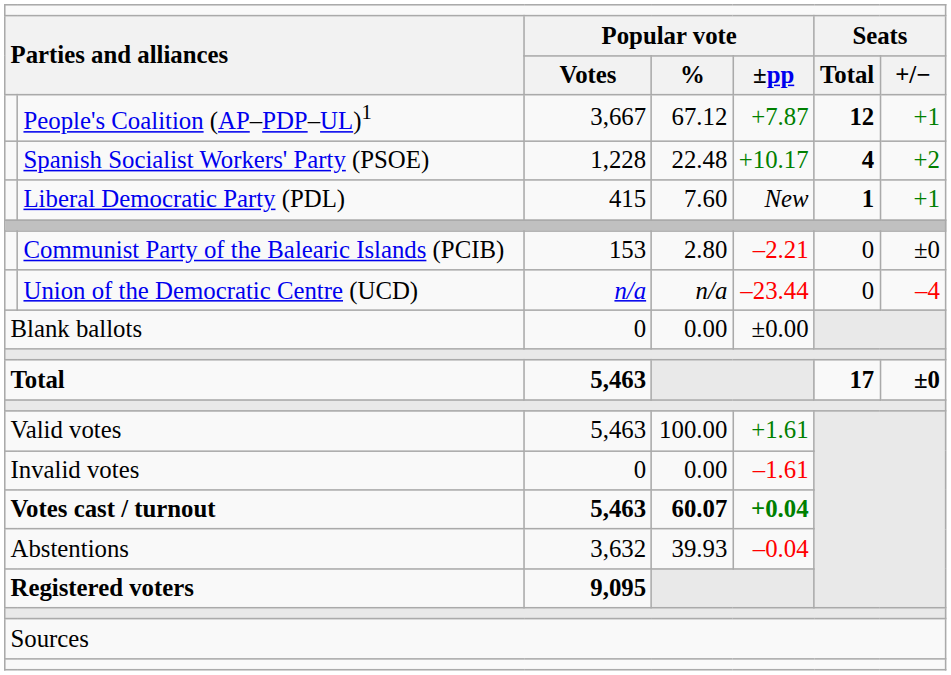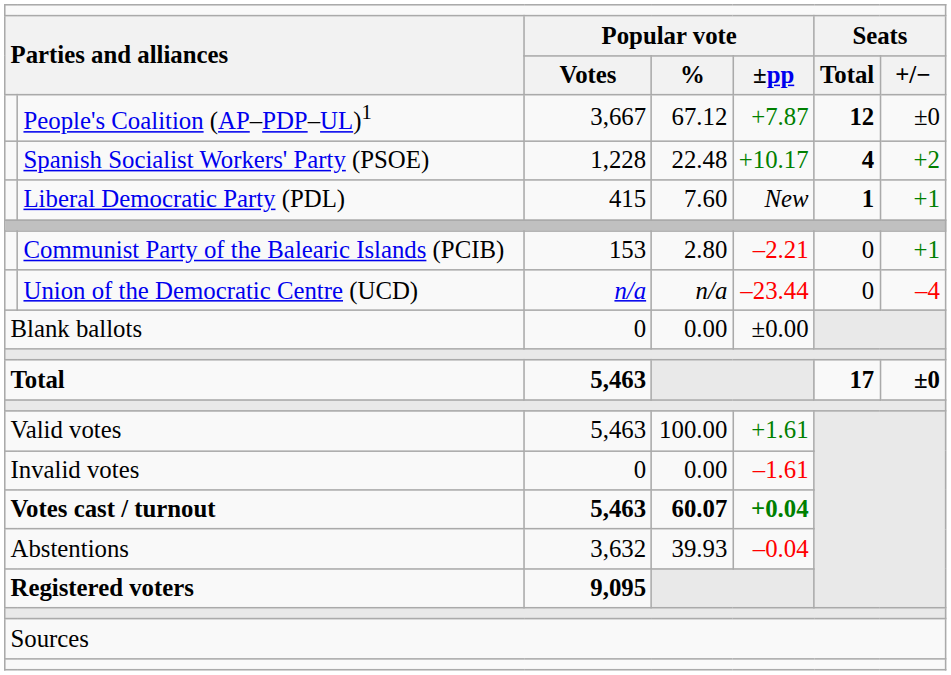 <table class="wikitable" style="text-align:right;">
 <tr>
 <td colspan="7"></td>
 </tr>
 <tr>
 <th style="text-align:left;" rowspan="2" colspan="2" width="525">Parties and alliances</th>
 <th colspan="3">Popular vote</th>
 <th colspan="2">Seats</th>
 </tr>
 <tr>
 <th width="75">Votes</th>
 <th width="45">%</th>
 <th width="45">±<a href='#'>pp</a></th>
 <th width="35">Total</th>
 <th width="35">+/−</th>
 </tr>
 <tr>
 <td width="1" style="color:inherit;background:"></td>
 <td align="left"><a href='#'>People's Coalition</a> (<a href='#'>AP</a>–<a href='#'>PDP</a>–<a href='#'>UL</a>)<sup>1</sup></td>
 <td>3,667</td>
 <td>67.12</td>
 <td style="color:green;">+7.87</td>
 <td><strong>12</strong></td>
-<td style="color:green;">+1</td>
+<td>±0</td>
 </tr>
 <tr>
 <td style="color:inherit;background:"></td>
 <td align="left"><a href='#'>Spanish Socialist Workers' Party</a> (PSOE)</td>
 <td>1,228</td>
 <td>22.48</td>
 <td style="color:green;">+10.17</td>
 <td><strong>4</strong></td>
 <td style="color:green;">+2</td>
 </tr>
 <tr>
 <td style="color:inherit;background:"></td>
 <td align="left"><a href='#'>Liberal Democratic Party</a> (PDL)</td>
 <td>415</td>
 <td>7.60</td>
 <td><em>New</em></td>
 <td><strong>1</strong></td>
 <td style="color:green;">+1</td>
 </tr>
 <tr>
 <td colspan="7" bgcolor="#C0C0C0"></td>
 </tr>
 <tr>
 <td style="color:inherit;background:"></td>
 <td align="left"><a href='#'>Communist Party of the Balearic Islands</a> (PCIB)</td>
 <td>153</td>
 <td>2.80</td>
 <td style="color:red;">–2.21</td>
 <td>0</td>
-<td>±0</td>
+<td style="color:green;">+1</td>
 </tr>
 <tr>
 <td style="color:inherit;background:"></td>
 <td align="left"><a href='#'>Union of the Democratic Centre</a> (UCD)</td>
 <td><em><a href='#'>n/a</a></em></td>
 <td><em>n/a</em></td>
 <td style="color:red;">–23.44</td>
 <td>0</td>
 <td style="color:red;">–4</td>
 </tr>
 <tr>
 <td align="left" colspan="2">Blank ballots</td>
 <td>0</td>
 <td>0.00</td>
 <td>±0.00</td>
 <td bgcolor="#E9E9E9" colspan="2"></td>
 </tr>
 <tr>
 <td colspan="7" bgcolor="#E9E9E9"></td>
 </tr>
 <tr style="font-weight:bold;">
 <td align="left" colspan="2">Total</td>
 <td>5,463</td>
 <td bgcolor="#E9E9E9" colspan="2"></td>
 <td>17</td>
 <td>±0</td>
 </tr>
 <tr>
 <td colspan="7" bgcolor="#E9E9E9"></td>
 </tr>
 <tr>
 <td align="left" colspan="2">Valid votes</td>
 <td>5,463</td>
 <td>100.00</td>
 <td style="color:green;">+1.61</td>
 <td bgcolor="#E9E9E9" colspan="2" rowspan="5"></td>
 </tr>
 <tr>
 <td align="left" colspan="2">Invalid votes</td>
 <td>0</td>
 <td>0.00</td>
 <td style="color:red;">–1.61</td>
 </tr>
 <tr style="font-weight:bold;">
 <td align="left" colspan="2">Votes cast / turnout</td>
 <td>5,463</td>
 <td>60.07</td>
 <td style="color:green;">+0.04</td>
 </tr>
 <tr>
 <td align="left" colspan="2">Abstentions</td>
 <td>3,632</td>
 <td>39.93</td>
 <td style="color:red;">–0.04</td>
 </tr>
 <tr style="font-weight:bold;">
 <td align="left" colspan="2">Registered voters</td>
 <td>9,095</td>
 <td bgcolor="#E9E9E9" colspan="2"></td>
 </tr>
 <tr>
 <td colspan="7" bgcolor="#E9E9E9"></td>
 </tr>
 <tr>
 <td align="left" colspan="7">Sources</td>
 </tr>
 <tr>
 <td colspan="7" style="text-align:left; max-width:790px;"></td>
 </tr>
 </table>
